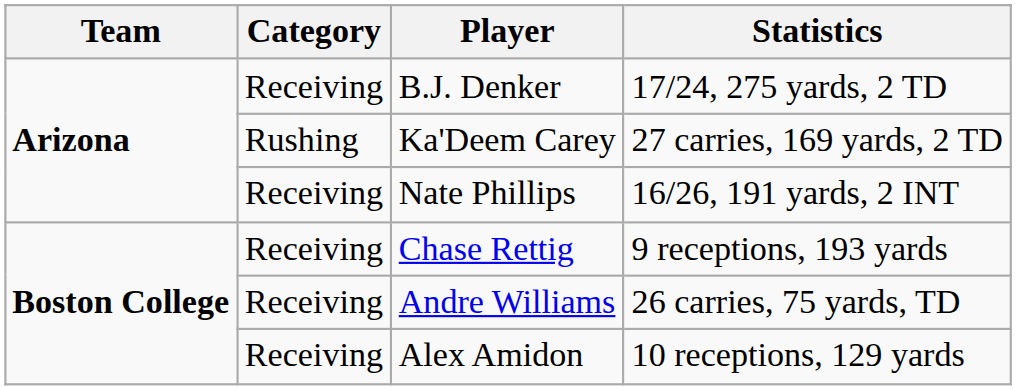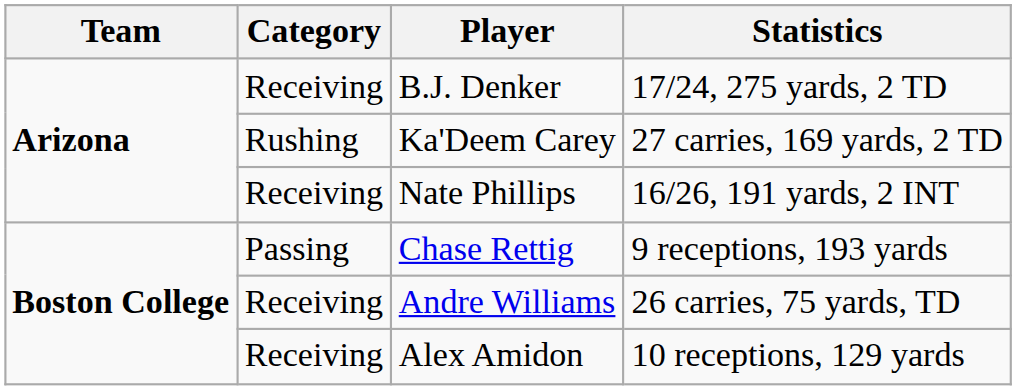 <table class="wikitable" style="float: right;">
 <tr>
 <th>Team</th>
 <th>Category</th>
 <th>Player</th>
 <th>Statistics</th>
 </tr>
 <tr>
 <td rowspan=3><strong>Arizona</strong></td>
 <td>Receiving</td>
 <td>B.J. Denker</td>
 <td>17/24, 275 yards, 2 TD</td>
 </tr>
 <tr>
 <td>Rushing</td>
 <td>Ka'Deem Carey</td>
 <td>27 carries, 169 yards, 2 TD</td>
 </tr>
 <tr>
 <td>Receiving</td>
 <td>Nate Phillips</td>
 <td>16/26, 191 yards, 2 INT</td>
 </tr>
 <tr>
 <td rowspan=3><strong>Boston College</strong></td>
-<td>Receiving</td>
+<td>Passing</td>
 <td><a href='#'>Chase Rettig</a></td>
 <td>9 receptions, 193 yards</td>
 </tr>
 <tr>
 <td>Receiving</td>
 <td><a href='#'>Andre Williams</a></td>
 <td>26 carries, 75 yards, TD</td>
 </tr>
 <tr>
 <td>Receiving</td>
 <td>Alex Amidon</td>
 <td>10 receptions, 129 yards</td>
 </tr>
 </table>
